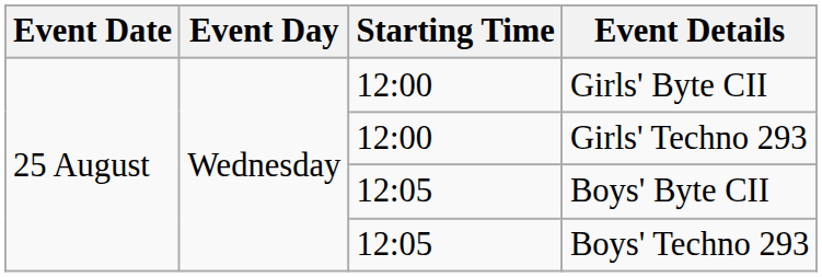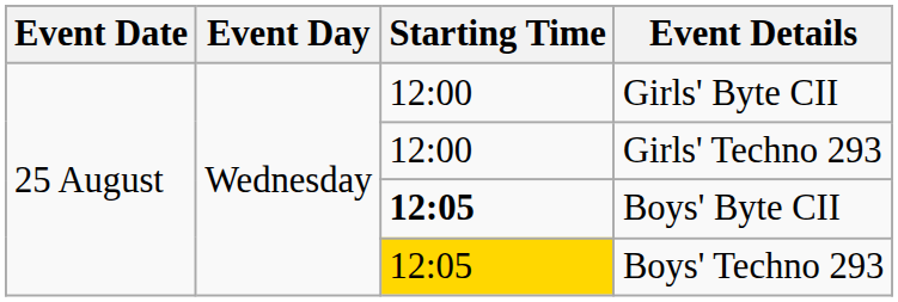 <table class="wikitable">
 <tr>
 <th>Event Date</th>
 <th>Event Day</th>
 <th>Starting Time</th>
 <th>Event Details</th>
 </tr>
 <tr>
 <td rowspan=4>25 August</td>
 <td rowspan=4>Wednesday</td>
 <td>12:00</td>
 <td>Girls' Byte CII</td>
 </tr>
 <tr>
 <td>12:00</td>
 <td>Girls' Techno 293</td>
 </tr>
 <tr>
-<td>12:05</td>
+<td><strong>12:05</strong></td>
 <td>Boys' Byte CII</td>
 </tr>
 <tr>
-<td>12:05</td>
+<td style="background: gold;">12:05</td>
 <td>Boys' Techno 293</td>
 </tr>
 </table>
